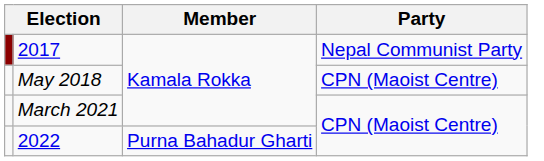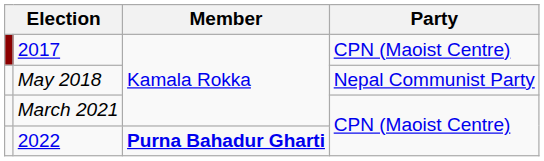 <table class="wikitable">
 <tr>
 <th colspan="2">Election</th>
 <th>Member</th>
 <th>Party</th>
 </tr>
 <tr>
 <td style="background-color:darkred"></td>
 <td><a href='#'>2017</a></td>
 <td rowspan="3"><a href='#'>Kamala Rokka</a></td>
-<td><a href='#'>Nepal Communist Party</a></td>
+<td><a href='#'>CPN (Maoist Centre)</a></td>
 </tr>
 <tr>
 <td style="background-color:"></td>
 <td><em>May 2018</em></td>
-<td><a href='#'>CPN (Maoist Centre)</a></td>
+<td><a href='#'>Nepal Communist Party</a></td>
 </tr>
 <tr>
 <td></td>
 <td><em>March 2021</em></td>
 <td rowspan="2"><a href='#'>CPN (Maoist Centre)</a></td>
 </tr>
 <tr>
 <td></td>
 <td><a href='#'>2022</a></td>
-<td><a href='#'>Purna Bahadur Gharti</a></td>
+<td><strong><a href='#'>Purna Bahadur Gharti</a></strong></td>
 </tr>
 </table>
